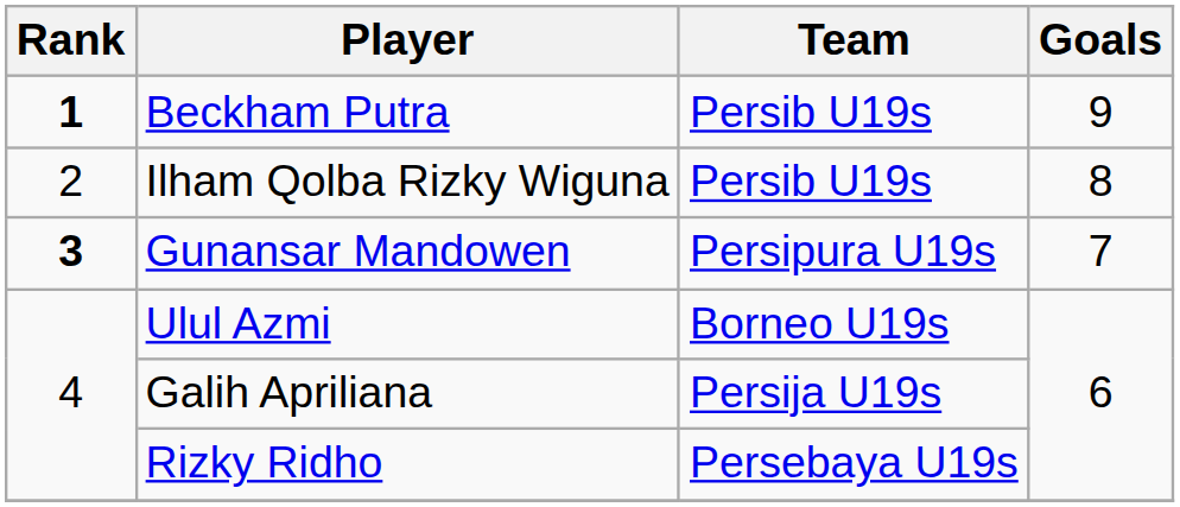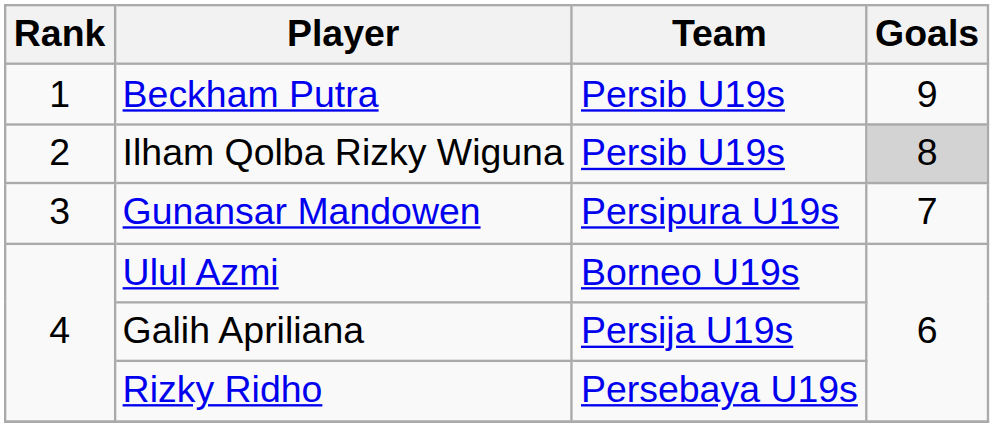 <table class="wikitable" style="text-align:center">
 <tr>
 <th>Rank</th>
 <th>Player</th>
 <th>Team</th>
 <th>Goals</th>
 </tr>
 <tr>
-<td><strong>1</strong></td>
+<td>1</td>
 <td align="left"><a href='#'>Beckham Putra</a></td>
 <td align="left"><a href='#'>Persib U19s</a></td>
 <td>9</td>
 </tr>
 <tr>
 <td>2</td>
 <td align="left">Ilham Qolba Rizky Wiguna</td>
 <td align="left"><a href='#'>Persib U19s</a></td>
-<td>8</td>
+<td style="background: lightgrey;">8</td>
 </tr>
 <tr>
-<td><strong>3</strong></td>
+<td>3</td>
 <td align="left"><a href='#'>Gunansar Mandowen</a></td>
 <td align="left"><a href='#'>Persipura U19s</a></td>
 <td>7</td>
 </tr>
 <tr>
 <td rowspan=3>4</td>
 <td align="left"><a href='#'>Ulul Azmi</a></td>
 <td align="left"><a href='#'>Borneo U19s</a></td>
 <td rowspan=3>6</td>
 </tr>
 <tr>
 <td align="left">Galih Apriliana</td>
 <td align="left"><a href='#'>Persija U19s</a></td>
 </tr>
 <tr>
 <td align="left"><a href='#'>Rizky Ridho</a></td>
 <td align="left"><a href='#'>Persebaya U19s</a></td>
 </tr>
 <tr>
 </tr>
 </table>
